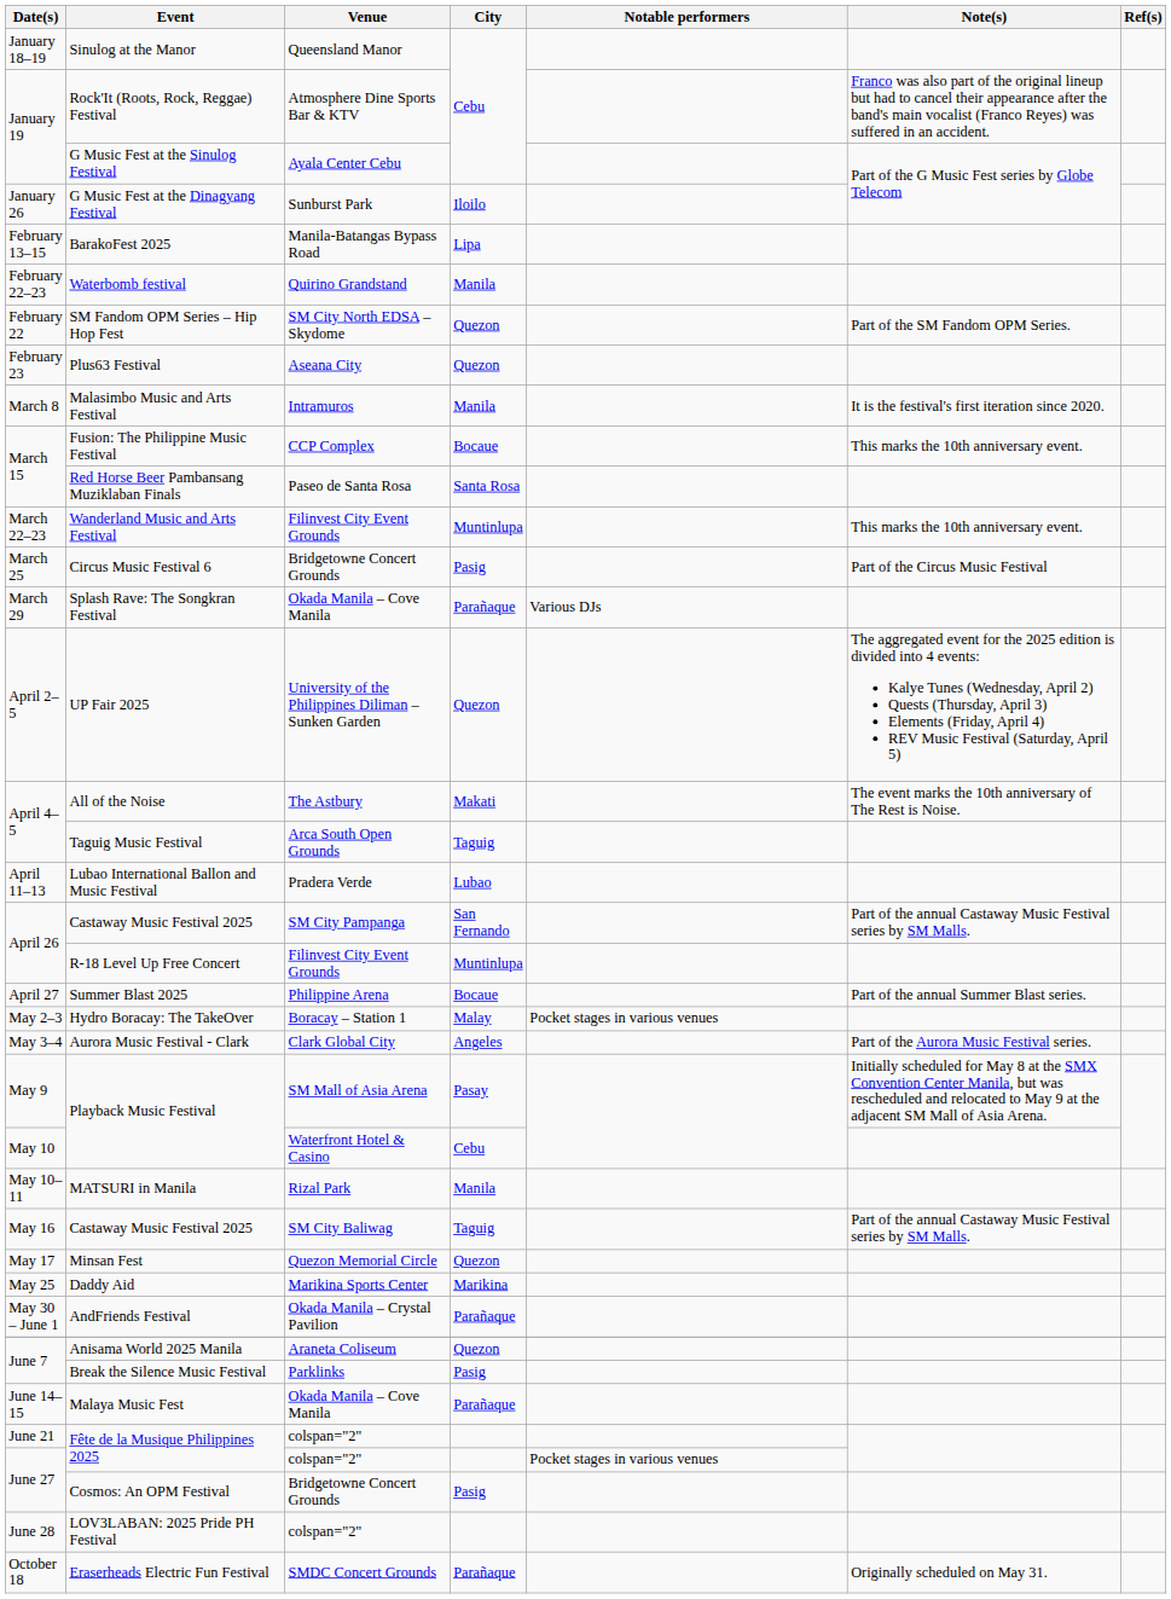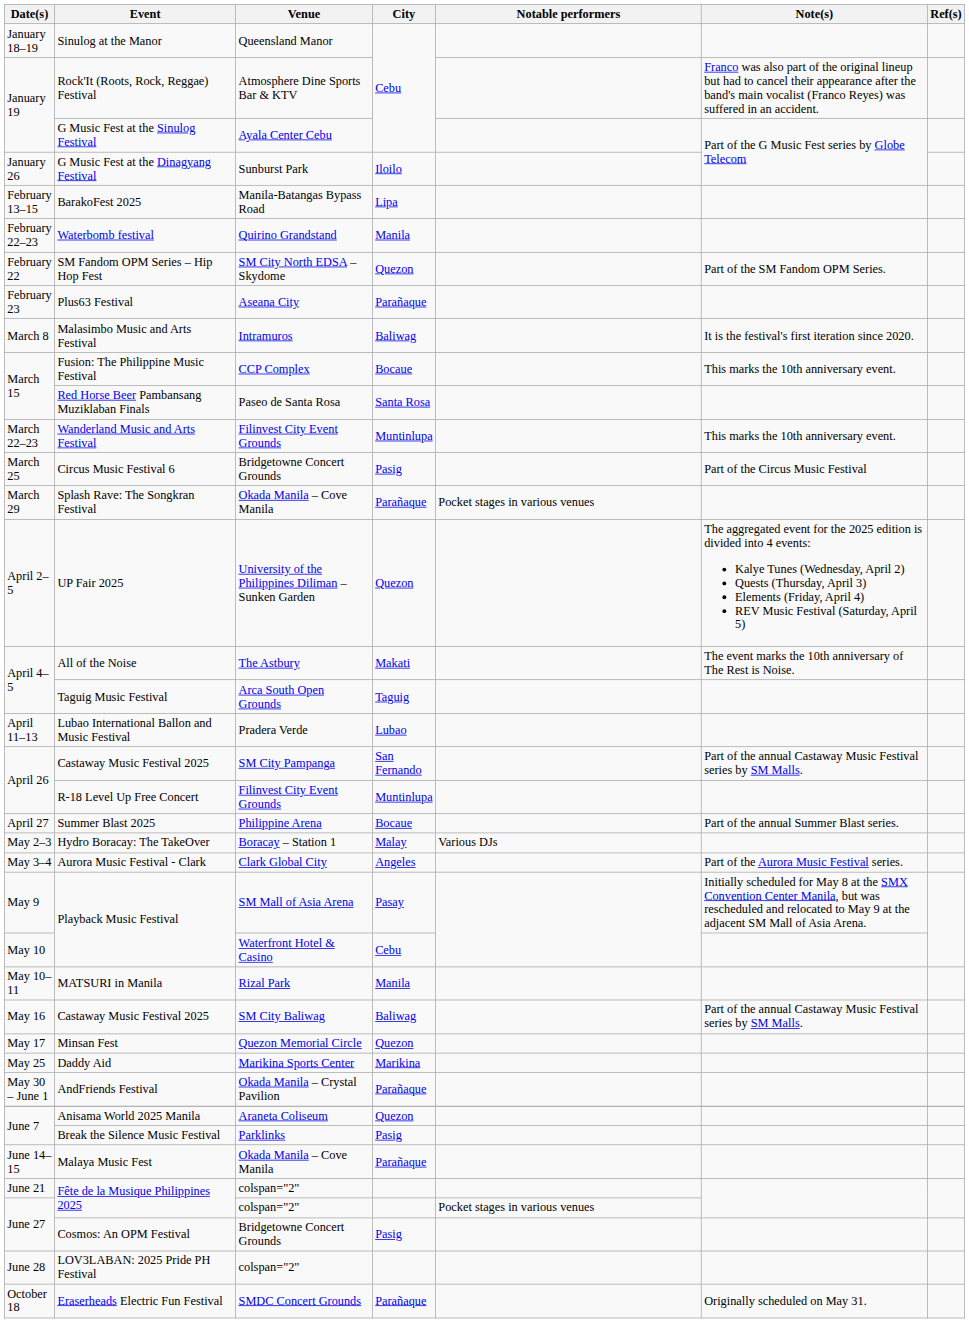 <table class="wikitable sortable" style="font-size: 100%; width=100%;" style="text-align:center;">
 <tr>
 <th class="unsortable" style="width: 5%;" scope="col">Date(s)</th>
 <th style="width: 20%;" scope="col">Event</th>
 <th style="width: 15%;" scope="col">Venue</th>
 <th style="width: 5%;" scope="col">City</th>
 <th class="unsortable" style="width: 30%;" scope="col">Notable performers</th>
 <th style="width: 30%;" scope="col">Note(s)</th>
 <th style="width: 1%;" scope="col">Ref(s)</th>
 </tr>
 <tr>
 <td>January 18–19</td>
 <td>Sinulog at the Manor</td>
 <td>Queensland Manor</td>
 <td rowspan="3"><a href='#'>Cebu</a></td>
 <td></td>
 <td></td>
 <td></td>
 </tr>
 <tr>
 <td rowspan="2">January 19</td>
 <td>Rock'It (Roots, Rock, Reggae) Festival</td>
 <td>Atmosphere Dine Sports Bar & KTV</td>
 <td></td>
 <td><a href='#'>Franco</a> was also part of the original lineup but had to cancel their appearance after the band's main vocalist (Franco Reyes) was suffered in an accident.</td>
 <td></td>
 </tr>
 <tr>
 <td>G Music Fest at the <a href='#'>Sinulog Festival</a></td>
 <td><a href='#'>Ayala Center Cebu</a></td>
 <td></td>
 <td rowspan="2">Part of the G Music Fest series by <a href='#'>Globe Telecom</a></td>
 <td></td>
 </tr>
 <tr>
 <td>January 26</td>
 <td>G Music Fest at the <a href='#'>Dinagyang Festival</a></td>
 <td>Sunburst Park</td>
 <td><a href='#'>Iloilo</a></td>
 <td></td>
 <td></td>
 </tr>
 <tr>
 <td>February 13–15</td>
 <td>BarakoFest 2025</td>
 <td>Manila-Batangas Bypass Road</td>
 <td><a href='#'>Lipa</a></td>
 <td></td>
 <td></td>
 <td></td>
 </tr>
 <tr>
 <td>February 22–23</td>
 <td><a href='#'>Waterbomb festival</a></td>
 <td><a href='#'>Quirino Grandstand</a></td>
 <td><a href='#'>Manila</a></td>
 <td></td>
 <td></td>
 <td></td>
 </tr>
 <tr>
 <td>February 22</td>
 <td>SM Fandom OPM Series – Hip Hop Fest</td>
 <td><a href='#'>SM City North EDSA</a> – Skydome</td>
 <td><a href='#'>Quezon</a></td>
 <td></td>
 <td>Part of the SM Fandom OPM Series.</td>
 <td></td>
 </tr>
 <tr>
 <td>February 23</td>
 <td>Plus63 Festival</td>
 <td><a href='#'>Aseana City</a></td>
-<td><a href='#'>Quezon</a></td>
+<td><a href='#'>Parañaque</a></td>
 <td></td>
 <td></td>
 <td></td>
 </tr>
 <tr>
 <td>March 8</td>
 <td>Malasimbo Music and Arts Festival</td>
 <td><a href='#'>Intramuros</a></td>
-<td><a href='#'>Manila</a></td>
+<td><a href='#'>Baliwag</a></td>
 <td></td>
 <td>It is the festival's first iteration since 2020.</td>
 <td></td>
 </tr>
 <tr>
 <td rowspan="2">March 15</td>
 <td>Fusion: The Philippine Music Festival</td>
 <td><a href='#'>CCP Complex</a></td>
 <td><a href='#'>Bocaue</a></td>
 <td></td>
 <td>This marks the 10th anniversary event.</td>
 <td></td>
 </tr>
 <tr>
 <td><a href='#'>Red Horse Beer</a> Pambansang Muziklaban Finals</td>
 <td>Paseo de Santa Rosa</td>
 <td><a href='#'>Santa Rosa</a></td>
 <td></td>
 <td></td>
 <td></td>
 </tr>
 <tr>
 <td>March 22–23</td>
 <td><a href='#'>Wanderland Music and Arts Festival</a></td>
 <td><a href='#'>Filinvest City Event Grounds</a></td>
 <td><a href='#'>Muntinlupa</a></td>
 <td></td>
 <td>This marks the 10th anniversary event.</td>
 <td></td>
 </tr>
 <tr>
 <td>March 25</td>
 <td>Circus Music Festival 6</td>
 <td>Bridgetowne Concert Grounds</td>
 <td><a href='#'>Pasig</a></td>
 <td></td>
 <td>Part of the Circus Music Festival</td>
 <td></td>
 </tr>
 <tr>
 <td>March 29</td>
 <td>Splash Rave: The Songkran Festival</td>
 <td><a href='#'>Okada Manila</a> – Cove Manila</td>
 <td><a href='#'>Parañaque</a></td>
-<td>Various DJs</td>
+<td>Pocket stages in various venues</td>
 <td></td>
 <td></td>
 </tr>
 <tr>
 <td>April 2–5</td>
 <td>UP Fair 2025</td>
 <td><a href='#'>University of the Philippines Diliman</a> – Sunken Garden</td>
 <td><a href='#'>Quezon</a></td>
 <td></td>
 <td>The aggregated event for the 2025 edition is divided into 4 events:<br><ul><li>Kalye Tunes (Wednesday, April 2)</li><li>Quests (Thursday, April 3)</li><li>Elements (Friday, April 4)</li><li>REV Music Festival (Saturday, April 5)</li></ul></td>
 <td></td>
 </tr>
 <tr>
 <td rowspan="2">April 4–5</td>
 <td>All of the Noise</td>
 <td><a href='#'>The Astbury</a></td>
 <td><a href='#'>Makati</a></td>
 <td></td>
 <td>The event marks the 10th anniversary of The Rest is Noise.</td>
 <td></td>
 </tr>
 <tr>
 <td>Taguig Music Festival</td>
 <td><a href='#'>Arca South Open Grounds</a></td>
 <td><a href='#'>Taguig</a></td>
 <td></td>
 <td></td>
 <td></td>
 </tr>
 <tr>
 <td>April 11–13</td>
 <td>Lubao International Ballon and Music Festival</td>
 <td>Pradera Verde</td>
 <td><a href='#'>Lubao</a></td>
 <td></td>
 <td></td>
 <td></td>
 </tr>
 <tr>
 <td rowspan="2">April 26</td>
 <td>Castaway Music Festival 2025</td>
 <td><a href='#'>SM City Pampanga</a></td>
 <td><a href='#'>San Fernando</a></td>
 <td></td>
 <td>Part of the annual Castaway Music Festival series by <a href='#'>SM Malls</a>.</td>
 <td></td>
 </tr>
 <tr>
 <td>R-18 Level Up Free Concert</td>
 <td><a href='#'>Filinvest City Event Grounds</a></td>
 <td><a href='#'>Muntinlupa</a></td>
 <td></td>
 <td></td>
 <td></td>
 </tr>
 <tr>
 <td>April 27</td>
 <td>Summer Blast 2025</td>
 <td><a href='#'>Philippine Arena</a></td>
 <td><a href='#'>Bocaue</a></td>
 <td></td>
 <td>Part of the annual Summer Blast series.</td>
 <td></td>
 </tr>
 <tr>
 <td>May 2–3</td>
 <td>Hydro Boracay: The TakeOver</td>
 <td><a href='#'>Boracay</a> – Station 1</td>
 <td><a href='#'>Malay</a></td>
-<td>Pocket stages in various venues</td>
+<td>Various DJs</td>
 <td></td>
 <td></td>
 </tr>
 <tr>
 <td>May 3–4</td>
 <td>Aurora Music Festival - Clark</td>
 <td><a href='#'>Clark Global City</a></td>
 <td><a href='#'>Angeles</a></td>
 <td></td>
 <td>Part of the <a href='#'>Aurora Music Festival</a> series.</td>
 <td></td>
 </tr>
 <tr>
 <td>May 9</td>
 <td rowspan="2">Playback Music Festival</td>
 <td><a href='#'>SM Mall of Asia Arena</a></td>
 <td><a href='#'>Pasay</a></td>
 <td rowspan="2"></td>
 <td>Initially scheduled for May 8 at the <a href='#'>SMX Convention Center Manila</a>, but was rescheduled and relocated to May 9 at the adjacent SM Mall of Asia Arena.</td>
 <td rowspan="2"></td>
 </tr>
 <tr>
 <td>May 10</td>
 <td><a href='#'>Waterfront Hotel & Casino</a></td>
 <td><a href='#'>Cebu</a></td>
 <td></td>
 </tr>
 <tr>
 <td>May 10–11</td>
 <td>MATSURI in Manila</td>
 <td><a href='#'>Rizal Park</a></td>
 <td><a href='#'>Manila</a></td>
 <td></td>
 <td></td>
 <td></td>
 </tr>
 <tr>
 <td>May 16</td>
 <td>Castaway Music Festival 2025</td>
 <td><a href='#'>SM City Baliwag</a></td>
-<td><a href='#'>Taguig</a></td>
+<td><a href='#'>Baliwag</a></td>
 <td></td>
 <td>Part of the annual Castaway Music Festival series by <a href='#'>SM Malls</a>.</td>
 <td></td>
 </tr>
 <tr>
 <td>May 17</td>
 <td>Minsan Fest</td>
 <td><a href='#'>Quezon Memorial Circle</a></td>
 <td><a href='#'>Quezon</a></td>
 <td></td>
 <td></td>
 <td></td>
 </tr>
 <tr>
 <td>May 25</td>
 <td>Daddy Aid</td>
 <td><a href='#'>Marikina Sports Center</a></td>
 <td><a href='#'>Marikina</a></td>
 <td></td>
 <td></td>
 <td></td>
 </tr>
 <tr>
 <td>May 30 – June 1</td>
 <td>AndFriends Festival</td>
 <td><a href='#'>Okada Manila</a> – Crystal Pavilion</td>
 <td><a href='#'>Parañaque</a></td>
 <td></td>
 <td></td>
 <td></td>
 </tr>
 <tr>
 </tr>
 <tr>
 <td rowspan="2">June 7</td>
 <td>Anisama World 2025 Manila</td>
 <td><a href='#'>Araneta Coliseum</a></td>
 <td><a href='#'>Quezon</a></td>
 <td></td>
 <td></td>
 <td></td>
 </tr>
 <tr>
 <td>Break the Silence Music Festival</td>
 <td><a href='#'>Parklinks</a></td>
 <td><a href='#'>Pasig</a></td>
 <td></td>
 <td></td>
 <td></td>
 </tr>
 <tr>
 <td>June 14–15</td>
 <td>Malaya Music Fest</td>
 <td><a href='#'>Okada Manila</a> – Cove Manila</td>
 <td><a href='#'>Parañaque</a></td>
 <td></td>
 <td></td>
 <td></td>
 </tr>
 <tr>
 <td>June 21</td>
 <td rowspan="2"><a href='#'>Fête de la Musique Philippines 2025</a></td>
 <td>colspan="2" </td>
 <td></td>
 <td></td>
 <td rowspan="2"></td>
 </tr>
 <tr>
 <td rowspan="2">June 27</td>
 <td>colspan="2" </td>
 <td></td>
 <td>Pocket stages in various venues</td>
 </tr>
 <tr>
 <td>Cosmos: An OPM Festival</td>
 <td>Bridgetowne Concert Grounds</td>
 <td><a href='#'>Pasig</a></td>
 <td></td>
 <td></td>
 <td></td>
 </tr>
 <tr>
 <td>June 28</td>
 <td>LOV3LABAN: 2025 Pride PH Festival</td>
 <td>colspan="2" </td>
 <td></td>
 <td></td>
 <td></td>
 </tr>
 <tr>
 <td>October 18</td>
 <td><a href='#'>Eraserheads</a> Electric Fun Festival</td>
 <td><a href='#'>SMDC Concert Grounds</a></td>
 <td><a href='#'>Parañaque</a></td>
 <td></td>
 <td>Originally scheduled on May 31.</td>
 <td></td>
 </tr>
 </table>
